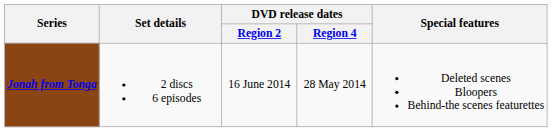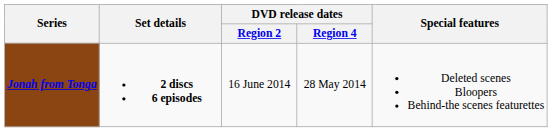 <table class="wikitable plainrowheaders" style="font-size:90%; text-align: center">
 <tr>
 <th scope="col" rowspan="2">Series</th>
 <th scope="col" rowspan="2" style="width: 10em;">Set details</th>
 <th scope="col" colspan="2">DVD release dates</th>
 <th scope="col" rowspan="2">Special features</th>
 </tr>
 <tr>
 <th scope="col" style="width: 6em; font-size: 100%;"><a href='#'>Region 2</a></th>
 <th scope="col" style="width: 6em; font-size: 100%;"><a href='#'>Region 4</a></th>
 </tr>
 <tr>
 <th scope="row" style="text-align:center; background:#8B4513;"><a href='#'><span><em>Jonah from Tonga</em></span></a></th>
-<td><br><ul><li>2 discs</li><li>6 episodes</li></ul></td>
+<td><strong><br><ul><li>2 discs</li><li>6 episodes</li></ul></strong></td>
 <td>16 June 2014</td>
 <td>28 May 2014</td>
 <td><br><ul><li>Deleted scenes</li><li>Bloopers</li><li>Behind-the scenes featurettes</li></ul></td>
 </tr>
 </table>
